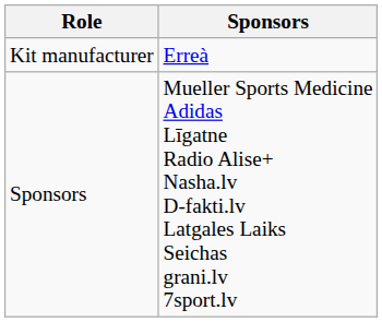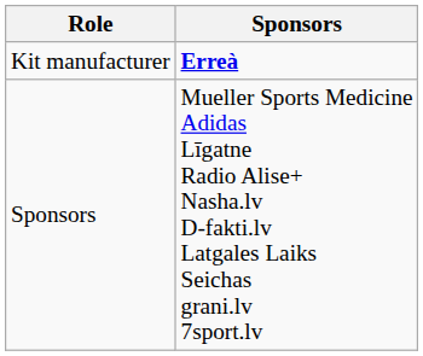 <table class="wikitable">
 <tr>
 <th>Role</th>
 <th>Sponsors</th>
 </tr>
 <tr>
 <td>Kit manufacturer</td>
-<td> <a href='#'>Erreà</a></td>
+<td><strong> <a href='#'>Erreà</a></strong></td>
 </tr>
 <tr>
 <td>Sponsors</td>
 <td> Mueller Sports Medicine <br>  <a href='#'>Adidas</a> <br>  Līgatne <br>  Radio Alise+ <br>  Nasha.lv <br>  D-fakti.lv <br>  Latgales Laiks <br>  Seichas <br>  grani.lv <br>  7sport.lv</td>
 </tr>
 </table>
